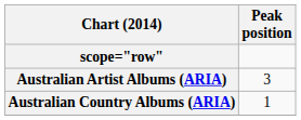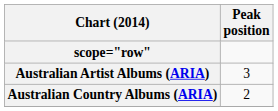 <table class="wikitable sortable plainrowheaders">
 <tr>
 <th scope="col">Chart (2014)</th>
 <th scope="col">Peak<br>position</th>
 </tr>
 <tr>
 <th>scope="row"</th>
 </tr>
 <tr>
 <th scope="row">Australian Artist Albums (<a href='#'>ARIA</a>)</th>
 <td align="center">3</td>
 </tr>
 <tr>
 <th scope="row">Australian Country Albums (<a href='#'>ARIA</a>)</th>
-<td align="center">1</td>
+<td align="center">2</td>
 </tr>
 <tr>
 </tr>
 </table>
